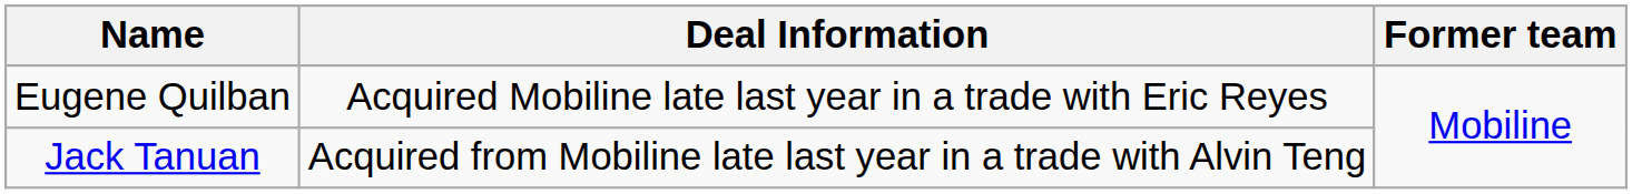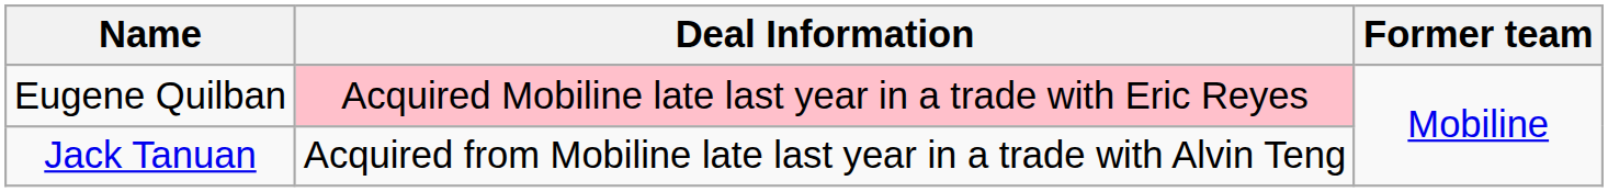 <table class="wikitable sortable sortable">
 <tr>
 <th>Name</th>
 <th>Deal Information</th>
 <th>Former team</th>
 </tr>
 <tr style="text-align: center">
 <td>Eugene Quilban</td>
-<td>Acquired Mobiline late last year in a trade with Eric Reyes</td>
+<td style="background: pink;">Acquired Mobiline late last year in a trade with Eric Reyes</td>
 <td rowspan="2"><a href='#'>Mobiline</a></td>
 </tr>
 <tr style="text-align: center">
 <td><a href='#'>Jack Tanuan</a></td>
 <td>Acquired from Mobiline late last year in a trade with Alvin Teng</td>
 </tr>
 </table>
